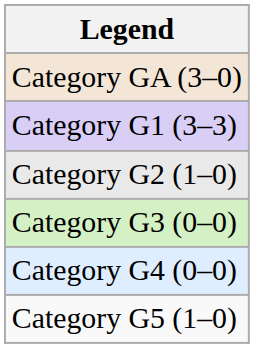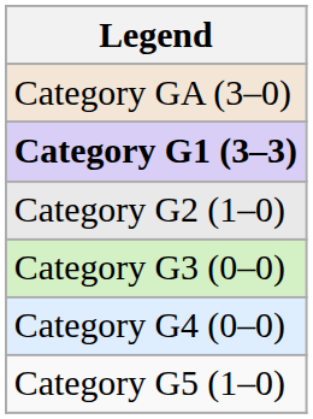 <table class=wikitable style=font-size:97%>
 <tr>
 <th>Legend</th>
 </tr>
 <tr bgcolor=F3E6D7>
 <td>Category GA (3–0)</td>
 </tr>
 <tr bgcolor=d8cef6>
-<td>Category G1 (3–3)</td>
+<td><strong>Category G1 (3–3)</strong></td>
 </tr>
 <tr bgcolor=e9e9e9>
 <td>Category G2 (1–0)</td>
 </tr>
 <tr bgcolor=D4F1C5>
 <td>Category G3 (0–0)</td>
 </tr>
 <tr bgcolor=dfeeff>
 <td>Category G4 (0–0)</td>
 </tr>
 <tr>
 <td>Category G5 (1–0)</td>
 </tr>
 </table>
